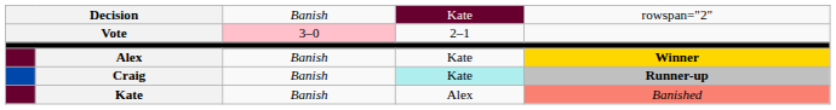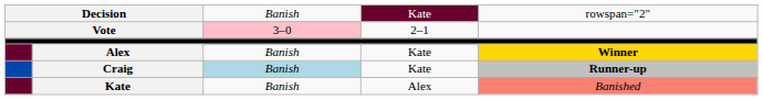 <table class="wikitable" style="text-align:center; width:70%; font-size:90%; line-height:13px">
 <tr>
 <th colspan="2">Decision</th>
 <td align="center"><em>Banish</em></td>
 <td bgcolor="#67002F" align="center" span style="color:#FFFFFF;">Kate</td>
 <td>rowspan="2" </td>
 </tr>
 <tr>
 <th colspan="2">Vote</th>
 <td align="center" style="background: pink;">3–0</td>
 <td align="center">2–1</td>
 </tr>
 <tr>
 <td colspan="21" bgcolor="#000000"></td>
 </tr>
 <tr>
 <td bgcolor="#67002F"></td>
 <th>Alex</th>
 <td align="center"><em>Banish</em></td>
 <td align="center">Kate</td>
 <td align="center" style="background:gold;"><strong>Winner</strong></td>
 </tr>
 <tr>
 <td bgcolor="#0047AB"></td>
 <th>Craig</th>
-<td align="center"><em>Banish</em></td>
-<td align="center" style="background: paleturquoise;">Kate</td>
+<td align="center" style="background: lightblue;"><em>Banish</em></td>
+<td align="center">Kate</td>
 <td align="center" style="background:silver;"><strong>Runner-up</strong></td>
 </tr>
 <tr>
 <td bgcolor="#67002F"></td>
 <th>Kate</th>
 <td align="center"><em>Banish</em></td>
 <td align="center">Alex</td>
 <td align="center" style="background:salmon"><em>Banished</em></td>
 </tr>
 </table>
